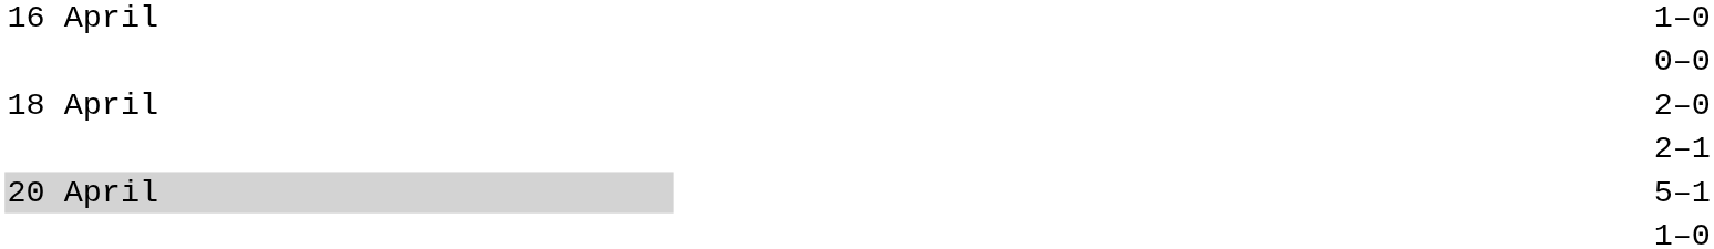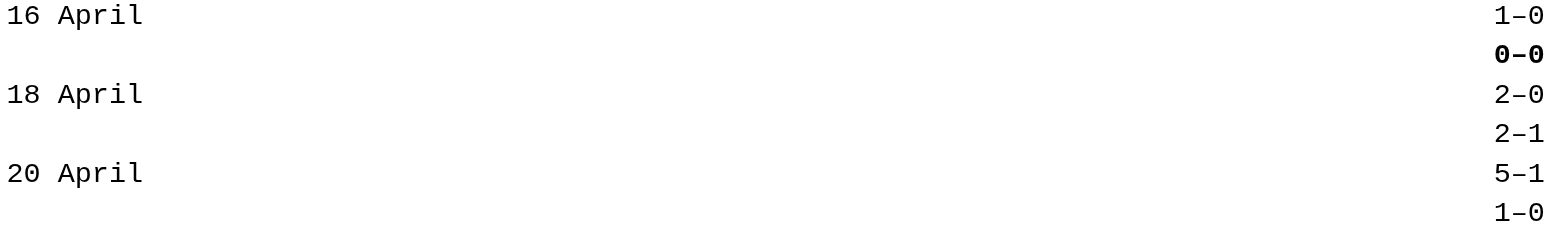 <table cellspacing=1 width=70%>
 <tr>
 <th width=25%></th>
 <th width=30%></th>
 <th width=15%></th>
 <th width=30%></th>
 </tr>
 <tr>
 <td>16 April</td>
 <td align=right></td>
 <td align=center>1–0</td>
 <td></td>
 </tr>
 <tr>
 <td></td>
 <td align=right></td>
-<td align=center>0–0</td>
+<td align=center><strong>0–0</strong></td>
 <td></td>
 </tr>
 <tr>
 <td>18 April</td>
 <td align=right></td>
 <td align=center>2–0</td>
 <td></td>
 </tr>
 <tr>
 <td></td>
 <td align=right></td>
 <td align=center>2–1</td>
 <td></td>
 </tr>
 <tr>
-<td style="background: lightgrey;">20 April</td>
+<td>20 April</td>
 <td align=right></td>
 <td align=center>5–1</td>
 <td></td>
 </tr>
 <tr>
 <td></td>
 <td align=right></td>
 <td align=center>1–0</td>
 <td></td>
 </tr>
 </table>
